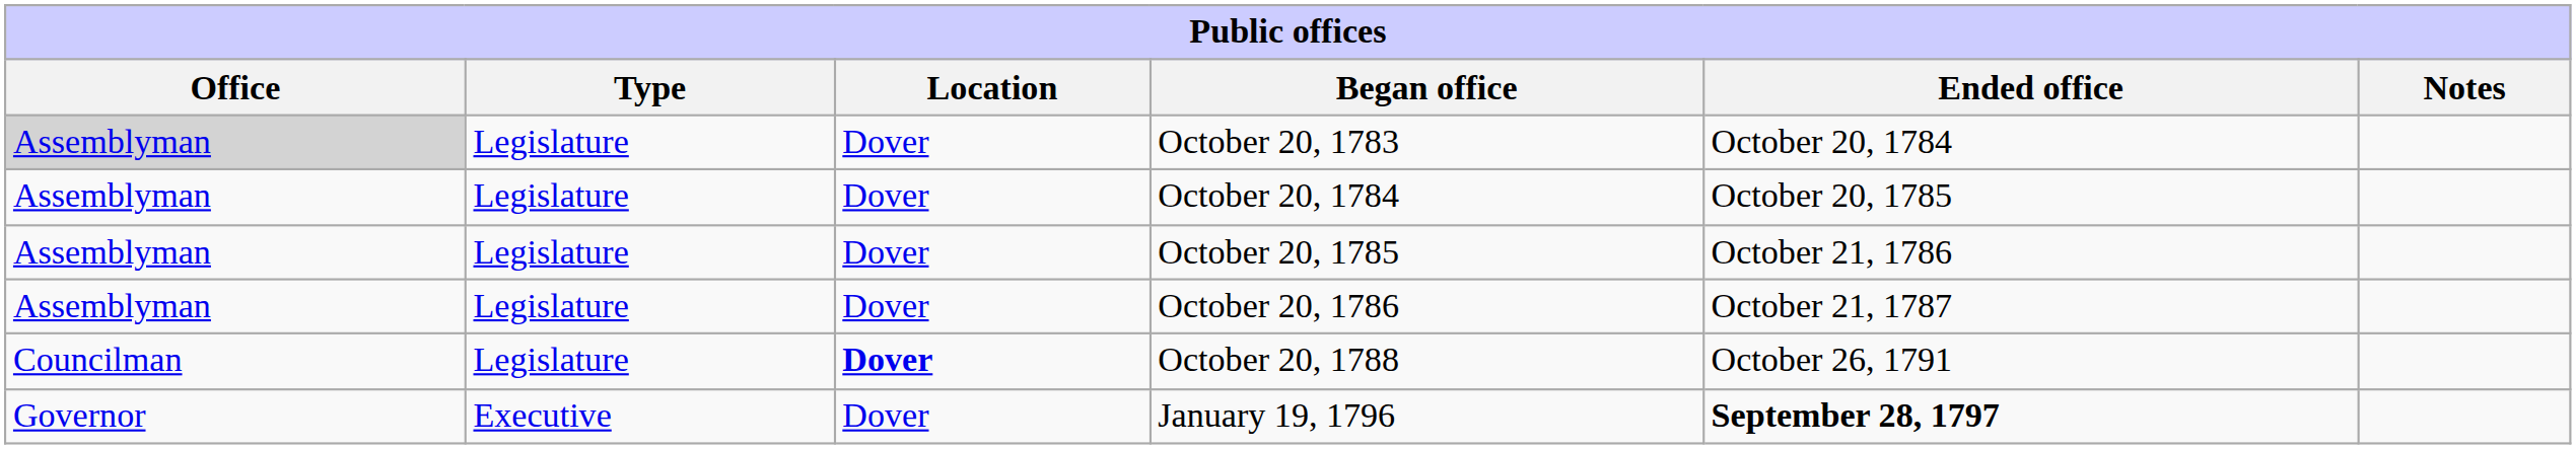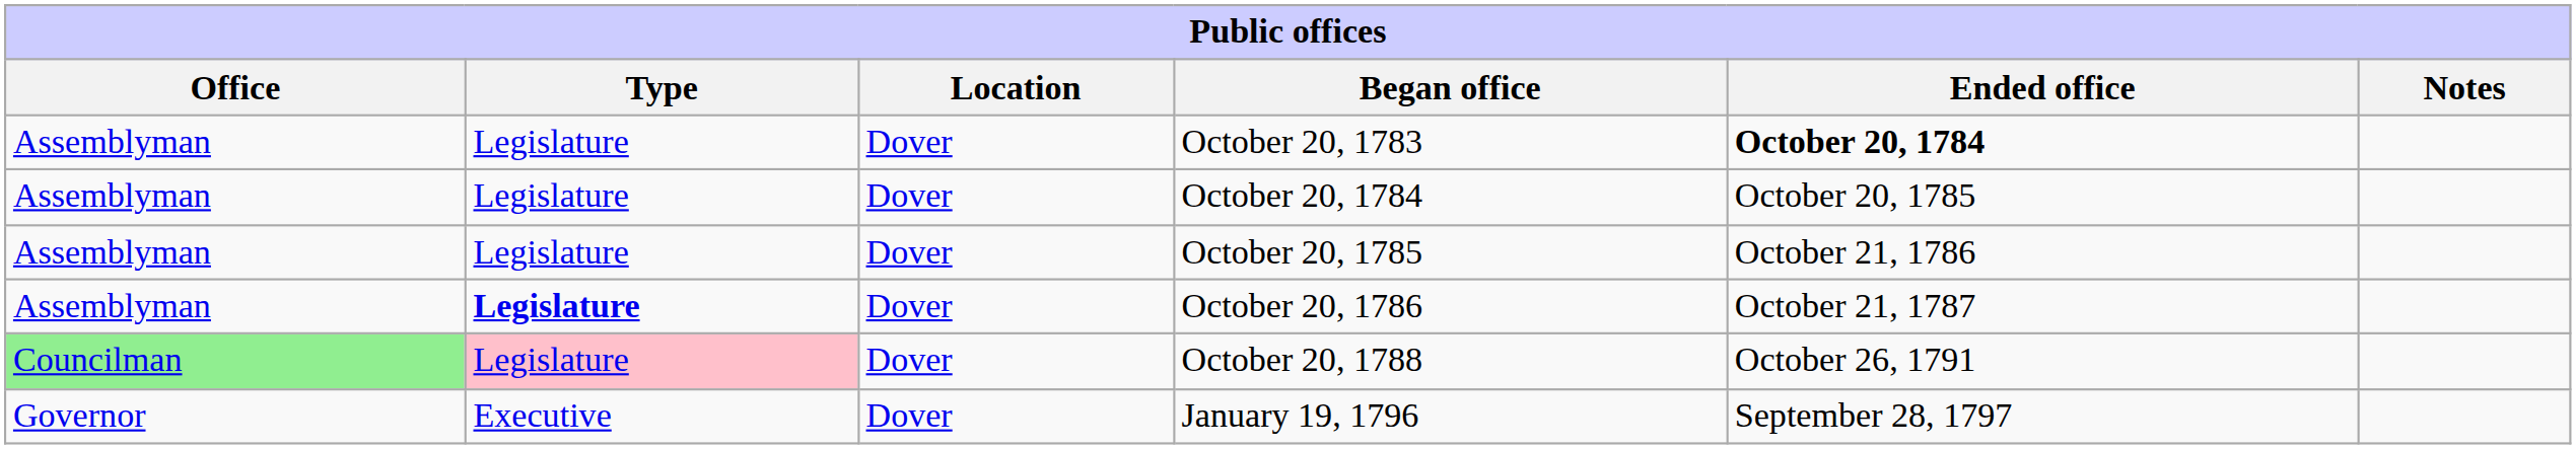 <table class=wikitable style="width: 94%" style="text-align: center;" align="center">
 <tr bgcolor=#cccccc>
 <th colspan=7 style="background: #ccccff;">Public offices</th>
 </tr>
 <tr>
 <th><strong>Office</strong></th>
 <th><strong>Type</strong></th>
 <th><strong>Location</strong></th>
 <th><strong>Began office</strong></th>
 <th><strong>Ended office</strong></th>
 <th><strong>Notes</strong></th>
 </tr>
 <tr>
-<td style="background: lightgrey;"><a href='#'>Assemblyman</a></td>
+<td><a href='#'>Assemblyman</a></td>
 <td><a href='#'>Legislature</a></td>
 <td><a href='#'>Dover</a></td>
 <td>October 20, 1783</td>
-<td>October 20, 1784</td>
+<td><strong>October 20, 1784</strong></td>
 <td></td>
 </tr>
 <tr>
 <td><a href='#'>Assemblyman</a></td>
 <td><a href='#'>Legislature</a></td>
 <td><a href='#'>Dover</a></td>
 <td>October 20, 1784</td>
 <td>October 20, 1785</td>
 <td></td>
 </tr>
 <tr>
 <td><a href='#'>Assemblyman</a></td>
 <td><a href='#'>Legislature</a></td>
 <td><a href='#'>Dover</a></td>
 <td>October 20, 1785</td>
 <td>October 21, 1786</td>
 <td></td>
 </tr>
 <tr>
 <td><a href='#'>Assemblyman</a></td>
-<td><a href='#'>Legislature</a></td>
+<td><strong><a href='#'>Legislature</a></strong></td>
 <td><a href='#'>Dover</a></td>
 <td>October 20, 1786</td>
 <td>October 21, 1787</td>
 <td></td>
 </tr>
 <tr>
-<td><a href='#'>Councilman</a></td>
-<td><a href='#'>Legislature</a></td>
-<td><strong><a href='#'>Dover</a></strong></td>
+<td style="background: lightgreen;"><a href='#'>Councilman</a></td>
+<td style="background: pink;"><a href='#'>Legislature</a></td>
+<td><a href='#'>Dover</a></td>
 <td>October 20, 1788</td>
 <td>October 26, 1791</td>
 <td></td>
 </tr>
 <tr>
 <td><a href='#'>Governor</a></td>
 <td><a href='#'>Executive</a></td>
 <td><a href='#'>Dover</a></td>
 <td>January 19, 1796</td>
-<td><strong>September 28, 1797</strong></td>
+<td>September 28, 1797</td>
 <td></td>
 </tr>
 </table>
